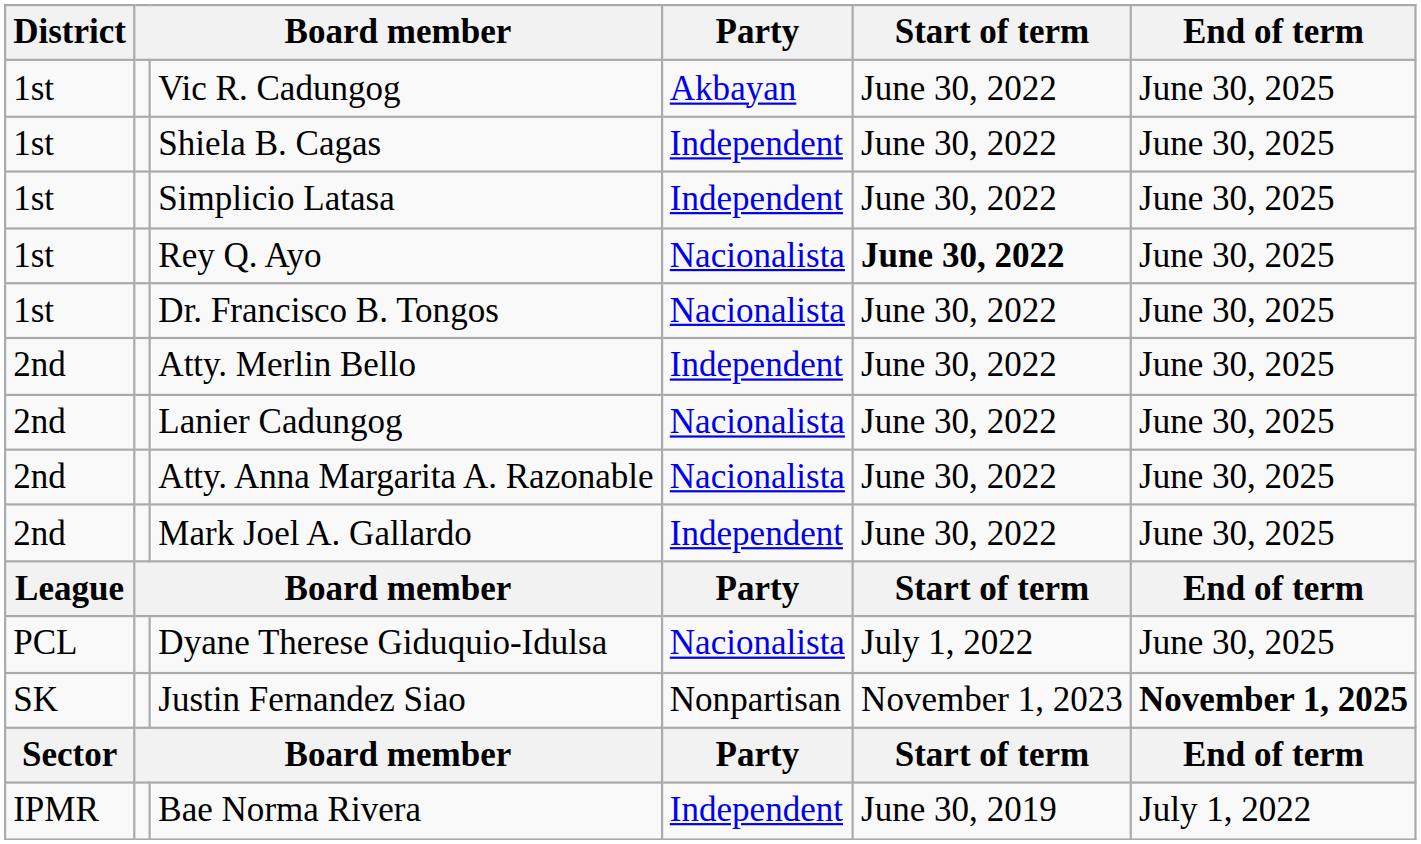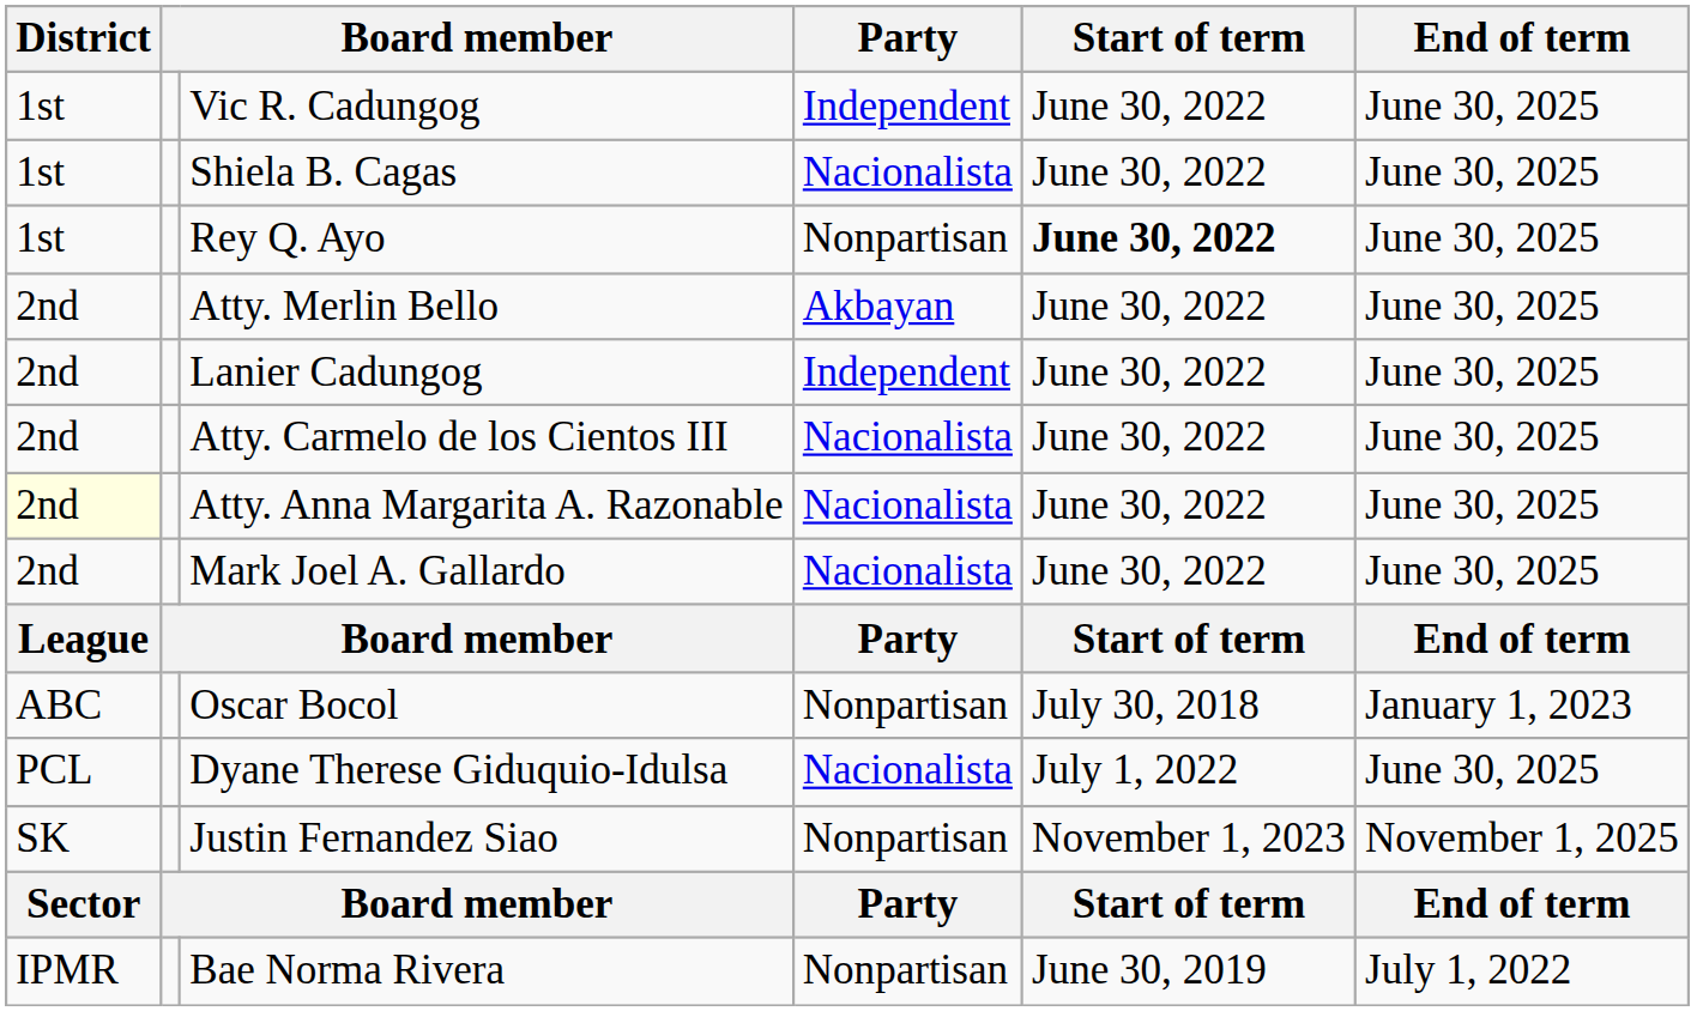 <table class="wikitable">
 <tr>
 <th>District</th>
 <th colspan="2">Board member</th>
 <th>Party</th>
 <th>Start of term</th>
 <th>End of term</th>
 </tr>
 <tr>
 <td>1st</td>
 <td></td>
 <td>Vic R. Cadungog</td>
-<td><a href='#'>Akbayan</a></td>
+<td><a href='#'>Independent</a></td>
 <td>June 30, 2022</td>
 <td>June 30, 2025</td>
 </tr>
 <tr>
 <td>1st</td>
 <td></td>
 <td>Shiela B. Cagas</td>
-<td><a href='#'>Independent</a></td>
-<td>June 30, 2022</td>
-<td>June 30, 2025</td>
-</tr>
-<tr>
-<td>1st</td>
-<td></td>
-<td>Simplicio Latasa</td>
-<td><a href='#'>Independent</a></td>
+<td><a href='#'>Nacionalista</a></td>
 <td>June 30, 2022</td>
 <td>June 30, 2025</td>
 </tr>
 <tr>
 <td>1st</td>
 <td></td>
 <td>Rey Q. Ayo</td>
-<td><a href='#'>Nacionalista</a></td>
+<td>Nonpartisan</td>
 <td><strong>June 30, 2022</strong></td>
 <td>June 30, 2025</td>
 </tr>
 <tr>
-<td>1st</td>
+<td>2nd</td>
 <td></td>
-<td>Dr. Francisco B. Tongos</td>
-<td><a href='#'>Nacionalista</a></td>
+<td>Atty. Merlin Bello</td>
+<td><a href='#'>Akbayan</a></td>
 <td>June 30, 2022</td>
 <td>June 30, 2025</td>
 </tr>
 <tr>
 <td>2nd</td>
 <td></td>
-<td>Atty. Merlin Bello</td>
+<td>Lanier Cadungog</td>
 <td><a href='#'>Independent</a></td>
 <td>June 30, 2022</td>
 <td>June 30, 2025</td>
 </tr>
 <tr>
 <td>2nd</td>
 <td></td>
-<td>Lanier Cadungog</td>
+<td>Atty. Carmelo de los  Cientos III</td>
 <td><a href='#'>Nacionalista</a></td>
 <td>June 30, 2022</td>
 <td>June 30, 2025</td>
 </tr>
 <tr>
-<td>2nd</td>
+<td style="background: lightyellow;">2nd</td>
 <td></td>
 <td>Atty. Anna Margarita A. Razonable</td>
 <td><a href='#'>Nacionalista</a></td>
 <td>June 30, 2022</td>
 <td>June 30, 2025</td>
 </tr>
 <tr>
 <td>2nd</td>
 <td></td>
 <td>Mark Joel A. Gallardo</td>
-<td><a href='#'>Independent</a></td>
+<td><a href='#'>Nacionalista</a></td>
 <td>June 30, 2022</td>
 <td>June 30, 2025</td>
 </tr>
 <tr>
 <th>League</th>
 <th colspan="2">Board member</th>
 <th>Party</th>
 <th>Start of term</th>
 <th>End of term</th>
+</tr>
+<tr>
+<td>ABC</td>
+<td></td>
+<td>Oscar Bocol</td>
+<td>Nonpartisan</td>
+<td>July 30, 2018</td>
+<td>January 1, 2023</td>
 </tr>
 <tr>
 <td>PCL</td>
 <td></td>
 <td>Dyane Therese Giduquio-Idulsa</td>
 <td><a href='#'>Nacionalista</a></td>
 <td>July 1, 2022</td>
 <td>June 30, 2025</td>
 </tr>
 <tr>
 <td>SK</td>
 <td></td>
 <td>Justin Fernandez Siao</td>
 <td>Nonpartisan</td>
 <td>November 1, 2023</td>
-<td><strong>November 1, 2025</strong></td>
+<td>November 1, 2025</td>
 </tr>
 <tr>
 <th>Sector</th>
 <th colspan="2">Board member</th>
 <th>Party</th>
 <th>Start of term</th>
 <th>End of term</th>
 </tr>
 <tr>
 <td>IPMR</td>
 <td></td>
 <td>Bae Norma Rivera</td>
-<td><a href='#'>Independent</a></td>
+<td>Nonpartisan</td>
 <td>June 30, 2019</td>
 <td>July 1, 2022</td>
 </tr>
 </table>
